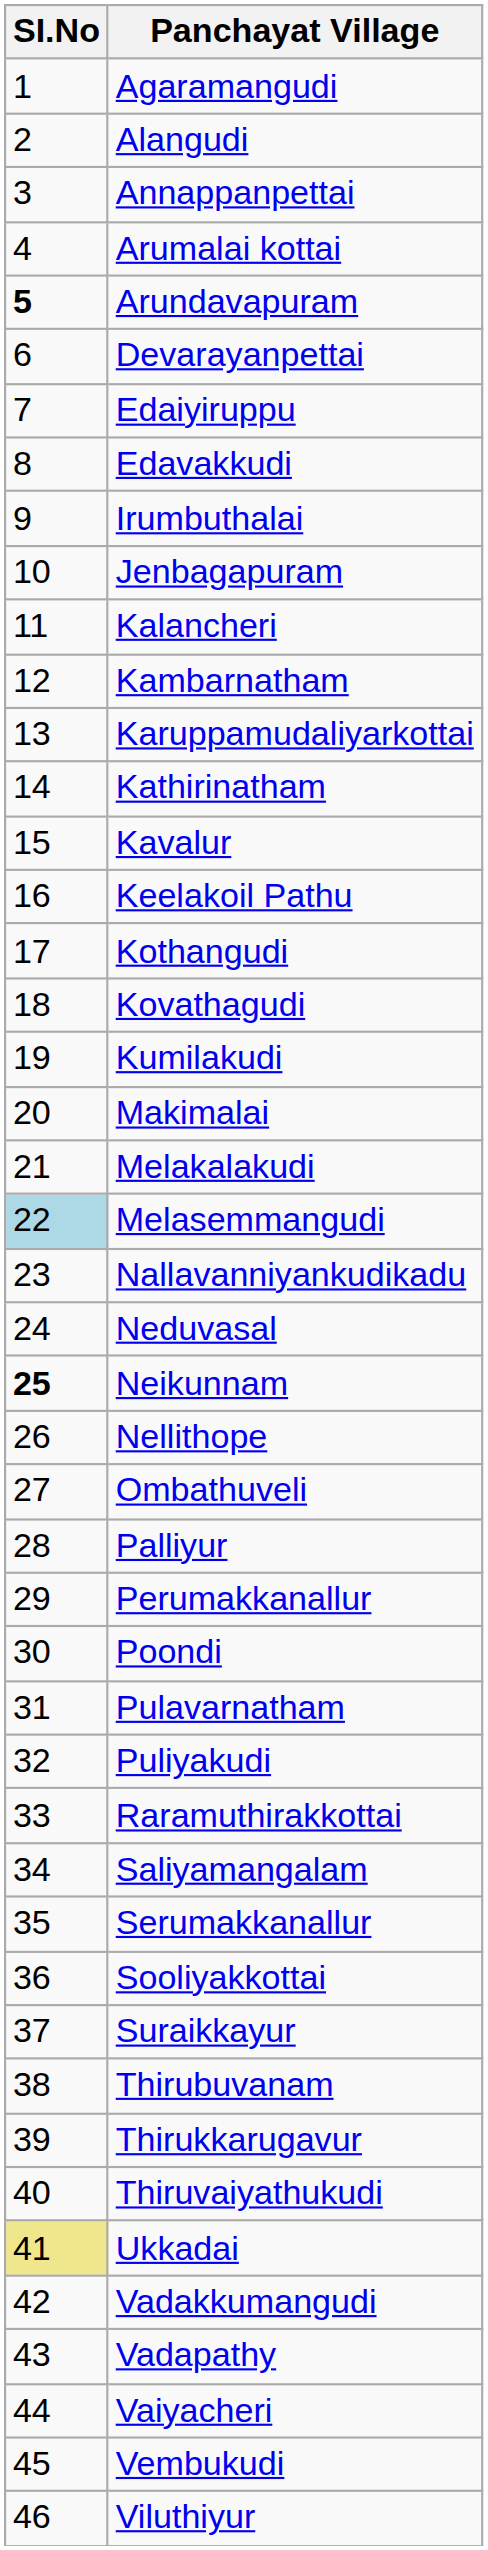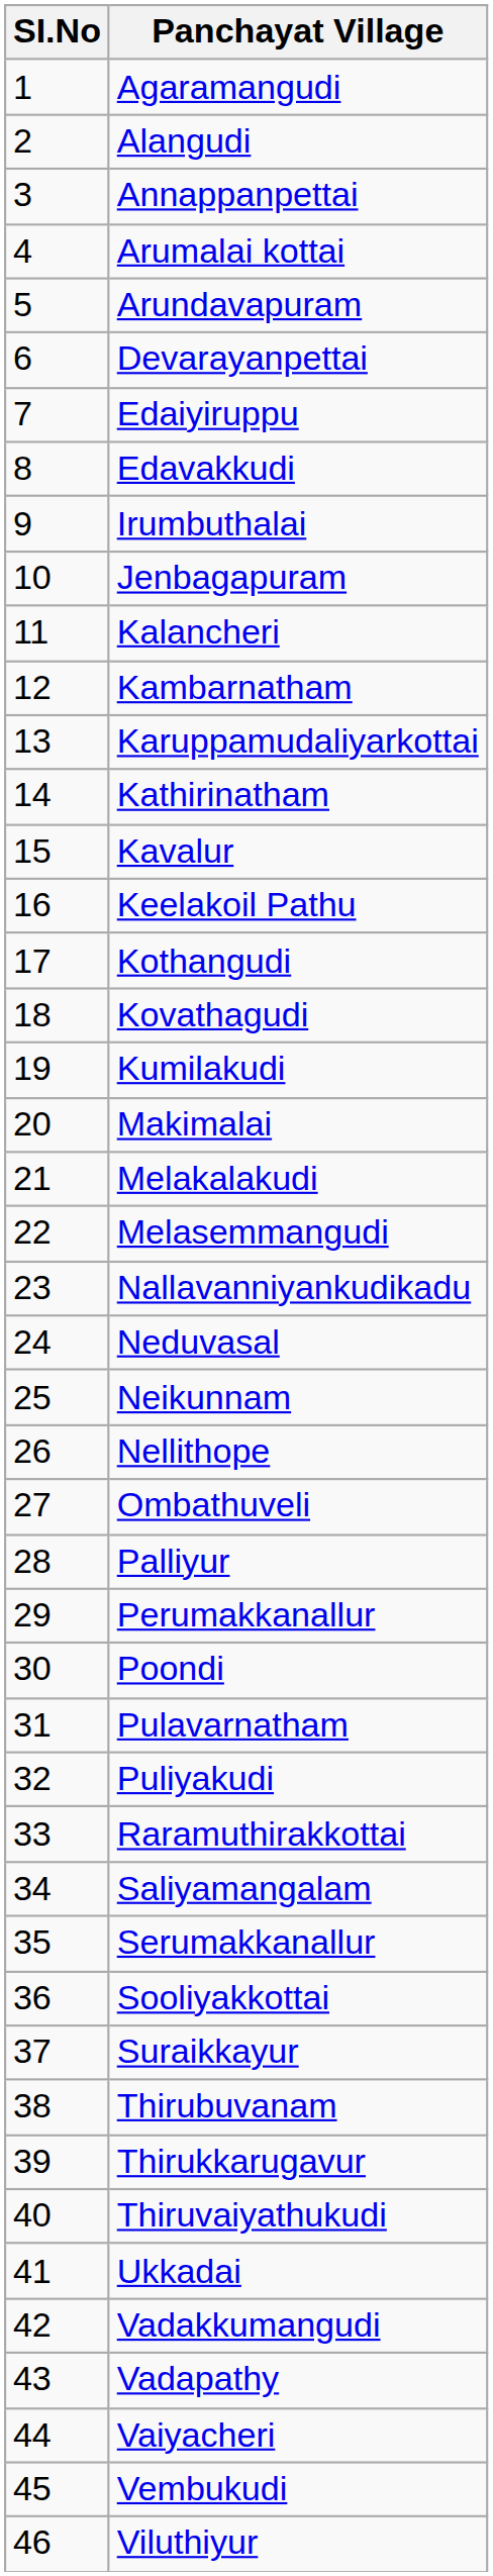 <table class="wikitable sortable">
 <tr>
 <th>SI.No</th>
 <th>Panchayat Village</th>
 </tr>
 <tr>
 <td>1</td>
 <td><a href='#'>Agaramangudi</a></td>
 </tr>
 <tr>
 <td>2</td>
 <td><a href='#'>Alangudi</a></td>
 </tr>
 <tr>
 <td>3</td>
 <td><a href='#'>Annappanpettai</a></td>
 </tr>
 <tr>
 <td>4</td>
 <td><a href='#'>Arumalai kottai</a></td>
 </tr>
 <tr>
-<td><strong>5</strong></td>
+<td>5</td>
 <td><a href='#'>Arundavapuram</a></td>
 </tr>
 <tr>
 <td>6</td>
 <td><a href='#'>Devarayanpettai</a></td>
 </tr>
 <tr>
 <td>7</td>
 <td><a href='#'>Edaiyiruppu</a></td>
 </tr>
 <tr>
 <td>8</td>
 <td><a href='#'>Edavakkudi</a></td>
 </tr>
 <tr>
 <td>9</td>
 <td><a href='#'>Irumbuthalai</a></td>
 </tr>
 <tr>
 <td>10</td>
 <td><a href='#'>Jenbagapuram</a></td>
 </tr>
 <tr>
 <td>11</td>
 <td><a href='#'>Kalancheri</a></td>
 </tr>
 <tr>
 <td>12</td>
 <td><a href='#'>Kambarnatham</a></td>
 </tr>
 <tr>
 <td>13</td>
 <td><a href='#'>Karuppamudaliyarkottai</a></td>
 </tr>
 <tr>
 <td>14</td>
 <td><a href='#'>Kathirinatham</a></td>
 </tr>
 <tr>
 <td>15</td>
 <td><a href='#'>Kavalur</a></td>
 </tr>
 <tr>
 <td>16</td>
 <td><a href='#'>Keelakoil Pathu</a></td>
 </tr>
 <tr>
 <td>17</td>
 <td><a href='#'>Kothangudi</a></td>
 </tr>
 <tr>
 <td>18</td>
 <td><a href='#'>Kovathagudi</a></td>
 </tr>
 <tr>
 <td>19</td>
 <td><a href='#'>Kumilakudi</a></td>
 </tr>
 <tr>
 <td>20</td>
 <td><a href='#'>Makimalai</a></td>
 </tr>
 <tr>
 <td>21</td>
 <td><a href='#'>Melakalakudi</a></td>
 </tr>
 <tr>
-<td style="background: lightblue;">22</td>
+<td>22</td>
 <td><a href='#'>Melasemmangudi</a></td>
 </tr>
 <tr>
 <td>23</td>
 <td><a href='#'>Nallavanniyankudikadu</a></td>
 </tr>
 <tr>
 <td>24</td>
 <td><a href='#'>Neduvasal</a></td>
 </tr>
 <tr>
-<td><strong>25</strong></td>
+<td>25</td>
 <td><a href='#'>Neikunnam</a></td>
 </tr>
 <tr>
 <td>26</td>
 <td><a href='#'>Nellithope</a></td>
 </tr>
 <tr>
 <td>27</td>
 <td><a href='#'>Ombathuveli</a></td>
 </tr>
 <tr>
 <td>28</td>
 <td><a href='#'>Palliyur</a></td>
 </tr>
 <tr>
 <td>29</td>
 <td><a href='#'>Perumakkanallur</a></td>
 </tr>
 <tr>
 <td>30</td>
 <td><a href='#'>Poondi</a></td>
 </tr>
 <tr>
 <td>31</td>
 <td><a href='#'>Pulavarnatham</a></td>
 </tr>
 <tr>
 <td>32</td>
 <td><a href='#'>Puliyakudi</a></td>
 </tr>
 <tr>
 <td>33</td>
 <td><a href='#'>Raramuthirakkottai</a></td>
 </tr>
 <tr>
 <td>34</td>
 <td><a href='#'>Saliyamangalam</a></td>
 </tr>
 <tr>
 <td>35</td>
 <td><a href='#'>Serumakkanallur</a></td>
 </tr>
 <tr>
 <td>36</td>
 <td><a href='#'>Sooliyakkottai</a></td>
 </tr>
 <tr>
 <td>37</td>
 <td><a href='#'>Suraikkayur</a></td>
 </tr>
 <tr>
 <td>38</td>
 <td><a href='#'>Thirubuvanam</a></td>
 </tr>
 <tr>
 <td>39</td>
 <td><a href='#'>Thirukkarugavur</a></td>
 </tr>
 <tr>
 <td>40</td>
 <td><a href='#'>Thiruvaiyathukudi</a></td>
 </tr>
 <tr>
-<td style="background: khaki;">41</td>
+<td>41</td>
 <td><a href='#'>Ukkadai</a></td>
 </tr>
 <tr>
 <td>42</td>
 <td><a href='#'>Vadakkumangudi</a></td>
 </tr>
 <tr>
 <td>43</td>
 <td><a href='#'>Vadapathy</a></td>
 </tr>
 <tr>
 <td>44</td>
 <td><a href='#'>Vaiyacheri</a></td>
 </tr>
 <tr>
 <td>45</td>
 <td><a href='#'>Vembukudi</a></td>
 </tr>
 <tr>
 <td>46</td>
 <td><a href='#'>Viluthiyur</a></td>
 </tr>
 </table>
